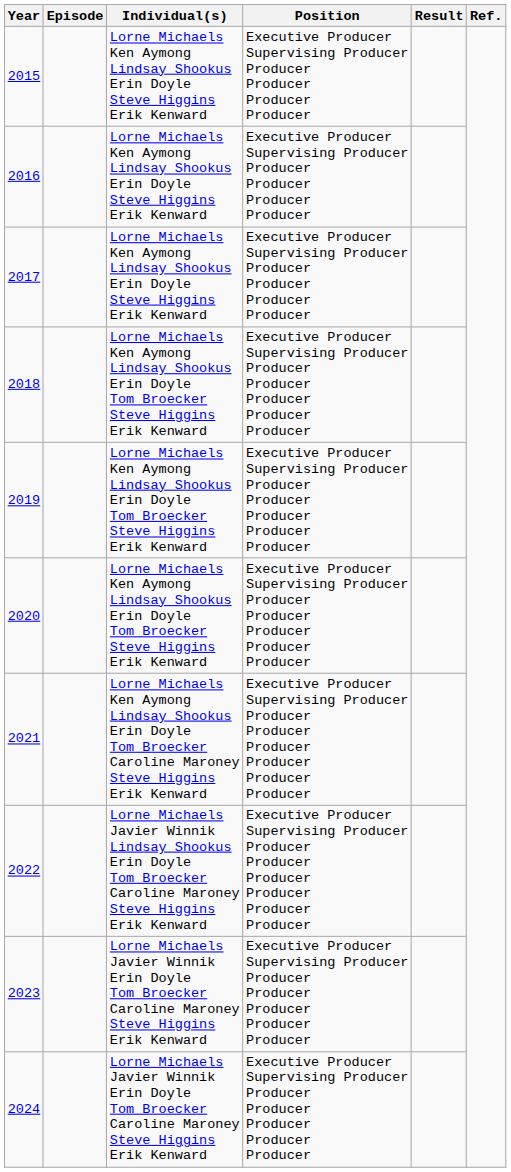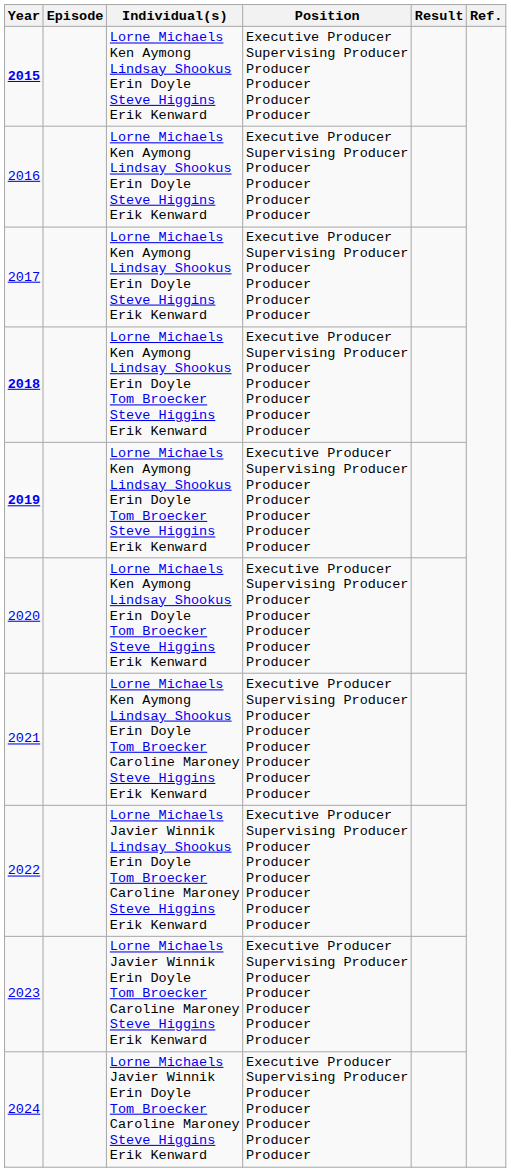 <table class="wikitable">
 <tr>
 <th>Year</th>
 <th>Episode</th>
 <th>Individual(s)</th>
 <th>Position</th>
 <th>Result</th>
 <th>Ref.</th>
 </tr>
 <tr>
-<td><a href='#'>2015</a></td>
+<td><strong><a href='#'>2015</a></strong></td>
 <td></td>
 <td><a href='#'>Lorne Michaels</a> <br> Ken Aymong <br> <a href='#'>Lindsay Shookus</a> <br> Erin Doyle <br> <a href='#'>Steve Higgins</a> <br> Erik Kenward</td>
 <td>Executive Producer <br> Supervising Producer <br> Producer <br> Producer <br> Producer <br> Producer</td>
 <td></td>
 <td rowspan="10" align="center"></td>
 </tr>
 <tr>
 <td><a href='#'>2016</a></td>
 <td></td>
 <td><a href='#'>Lorne Michaels</a> <br> Ken Aymong <br> <a href='#'>Lindsay Shookus</a> <br> Erin Doyle <br> <a href='#'>Steve Higgins</a> <br> Erik Kenward</td>
 <td>Executive Producer <br> Supervising Producer <br> Producer <br> Producer <br> Producer <br> Producer</td>
 <td></td>
 </tr>
 <tr>
 <td><a href='#'>2017</a></td>
 <td></td>
 <td><a href='#'>Lorne Michaels</a> <br> Ken Aymong <br> <a href='#'>Lindsay Shookus</a> <br> Erin Doyle <br> <a href='#'>Steve Higgins</a> <br> Erik Kenward</td>
 <td>Executive Producer <br> Supervising Producer <br> Producer <br> Producer <br> Producer <br> Producer</td>
 <td></td>
 </tr>
 <tr>
-<td><a href='#'>2018</a></td>
+<td><strong><a href='#'>2018</a></strong></td>
 <td></td>
 <td><a href='#'>Lorne Michaels</a> <br> Ken Aymong <br> <a href='#'>Lindsay Shookus</a> <br> Erin Doyle <br> <a href='#'>Tom Broecker</a> <br> <a href='#'>Steve Higgins</a> <br> Erik Kenward</td>
 <td>Executive Producer <br> Supervising Producer <br> Producer <br> Producer <br> Producer <br> Producer <br> Producer</td>
 <td></td>
 </tr>
 <tr>
-<td><a href='#'>2019</a></td>
+<td><strong><a href='#'>2019</a></strong></td>
 <td></td>
 <td><a href='#'>Lorne Michaels</a> <br> Ken Aymong <br> <a href='#'>Lindsay Shookus</a> <br> Erin Doyle <br> <a href='#'>Tom Broecker</a> <br> <a href='#'>Steve Higgins</a> <br> Erik Kenward</td>
 <td>Executive Producer <br> Supervising Producer <br> Producer <br> Producer <br> Producer <br> Producer <br> Producer</td>
 <td></td>
 </tr>
 <tr>
 <td><a href='#'>2020</a></td>
 <td></td>
 <td><a href='#'>Lorne Michaels</a> <br> Ken Aymong <br> <a href='#'>Lindsay Shookus</a> <br> Erin Doyle <br> <a href='#'>Tom Broecker</a> <br> <a href='#'>Steve Higgins</a> <br> Erik Kenward</td>
 <td>Executive Producer <br> Supervising Producer <br> Producer <br> Producer <br> Producer <br> Producer <br> Producer</td>
 <td></td>
 </tr>
 <tr>
 <td><a href='#'>2021</a></td>
 <td></td>
 <td><a href='#'>Lorne Michaels</a> <br> Ken Aymong <br> <a href='#'>Lindsay Shookus</a> <br> Erin Doyle <br> <a href='#'>Tom Broecker</a> <br> Caroline Maroney <br> <a href='#'>Steve Higgins</a> <br> Erik Kenward</td>
 <td>Executive Producer <br> Supervising Producer <br> Producer <br> Producer <br> Producer <br> Producer <br> Producer <br> Producer</td>
 <td></td>
 </tr>
 <tr>
 <td><a href='#'>2022</a></td>
 <td></td>
 <td><a href='#'>Lorne Michaels</a> <br> Javier Winnik <br> <a href='#'>Lindsay Shookus</a> <br> Erin Doyle <br> <a href='#'>Tom Broecker</a> <br> Caroline Maroney <br> <a href='#'>Steve Higgins</a> <br> Erik Kenward</td>
 <td>Executive Producer <br> Supervising Producer <br> Producer <br> Producer <br> Producer <br> Producer <br> Producer <br> Producer</td>
 <td></td>
 </tr>
 <tr>
 <td><a href='#'>2023</a></td>
 <td></td>
 <td><a href='#'>Lorne Michaels</a> <br> Javier Winnik <br> Erin Doyle <br> <a href='#'>Tom Broecker</a> <br> Caroline Maroney <br> <a href='#'>Steve Higgins</a> <br> Erik Kenward</td>
 <td>Executive Producer <br> Supervising Producer <br> Producer <br> Producer <br> Producer <br> Producer <br> Producer</td>
 <td></td>
 </tr>
 <tr>
 <td><a href='#'>2024</a></td>
 <td></td>
 <td><a href='#'>Lorne Michaels</a> <br> Javier Winnik <br> Erin Doyle <br> <a href='#'>Tom Broecker</a> <br> Caroline Maroney <br> <a href='#'>Steve Higgins</a> <br> Erik Kenward</td>
 <td>Executive Producer <br> Supervising Producer <br> Producer <br> Producer <br> Producer <br> Producer <br> Producer</td>
 <td></td>
 </tr>
 </table>
